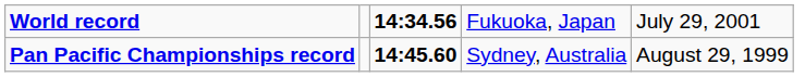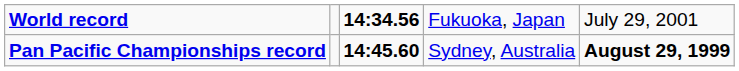 <table class="wikitable">
 <tr>
 <td><strong><a href='#'>World record</a></strong></td>
 <td></td>
 <td><strong>14:34.56</strong></td>
 <td><a href='#'>Fukuoka</a>, <a href='#'>Japan</a></td>
 <td>July 29, 2001</td>
 </tr>
 <tr>
 <td><strong><a href='#'>Pan Pacific Championships record</a></strong></td>
 <td></td>
 <td><strong>14:45.60</strong></td>
 <td><a href='#'>Sydney</a>, <a href='#'>Australia</a></td>
-<td>August 29, 1999</td>
+<td><strong>August 29, 1999</strong></td>
 </tr>
 </table>
